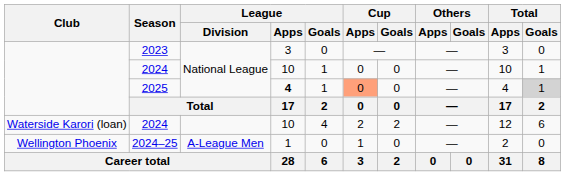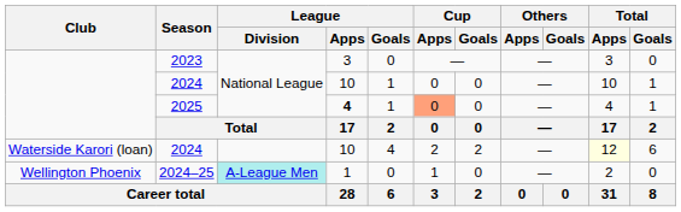 <table class="wikitable" style="text-align: center;">
 <tr>
 <th rowspan=2>Club</th>
 <th rowspan=2>Season</th>
 <th colspan=3>League</th>
 <th colspan=2>Cup</th>
 <th colspan=2>Others</th>
 <th colspan=2>Total</th>
 </tr>
 <tr>
 <th>Division</th>
 <th>Apps</th>
 <th>Goals</th>
 <th>Apps</th>
 <th>Goals</th>
 <th>Apps</th>
 <th>Goals</th>
 <th>Apps</th>
 <th>Goals</th>
 </tr>
 <tr>
 <td rowspan=4></td>
 <td><a href='#'>2023</a></td>
 <td rowspan=3>National League</td>
 <td>3</td>
 <td>0</td>
 <td colspan=2>—</td>
 <td colspan=2>—</td>
 <td>3</td>
 <td>0</td>
 </tr>
 <tr>
 <td><a href='#'>2024</a></td>
 <td>10</td>
 <td>1</td>
 <td>0</td>
 <td>0</td>
 <td colspan=2>—</td>
 <td>10</td>
 <td>1</td>
 </tr>
 <tr>
 <td><a href='#'>2025</a></td>
 <td><strong>4</strong></td>
 <td>1</td>
 <td style="background: lightsalmon;">0</td>
 <td>0</td>
 <td colspan=2>—</td>
 <td>4</td>
-<td style="background: lightgrey;">1</td>
+<td>1</td>
 </tr>
 <tr>
 <th colspan=2>Total</th>
 <th>17</th>
 <th>2</th>
 <th>0</th>
 <th>0</th>
 <th colspan=2>—</th>
 <th>17</th>
 <th>2</th>
 </tr>
 <tr>
 <td><a href='#'>Waterside Karori</a> (loan)</td>
 <td><a href='#'>2024</a></td>
 <td></td>
 <td>10</td>
 <td>4</td>
 <td>2</td>
 <td>2</td>
 <td colspan=2>—</td>
-<td>12</td>
+<td style="background: lightyellow;">12</td>
 <td>6</td>
 </tr>
 <tr>
 <td rowspan=1><a href='#'>Wellington Phoenix</a></td>
 <td><a href='#'>2024–25</a></td>
-<td rowspan=1><a href='#'>A-League Men</a></td>
+<td rowspan=1 style="background: paleturquoise;"><a href='#'>A-League Men</a></td>
 <td>1</td>
 <td>0</td>
 <td>1</td>
 <td>0</td>
 <td colspan=2>—</td>
 <td>2</td>
 <td>0</td>
 </tr>
 <tr>
 <th colspan=3>Career total</th>
 <th>28</th>
 <th>6</th>
 <th>3</th>
 <th>2</th>
 <th>0</th>
 <th>0</th>
 <th>31</th>
 <th>8</th>
 </tr>
 </table>
